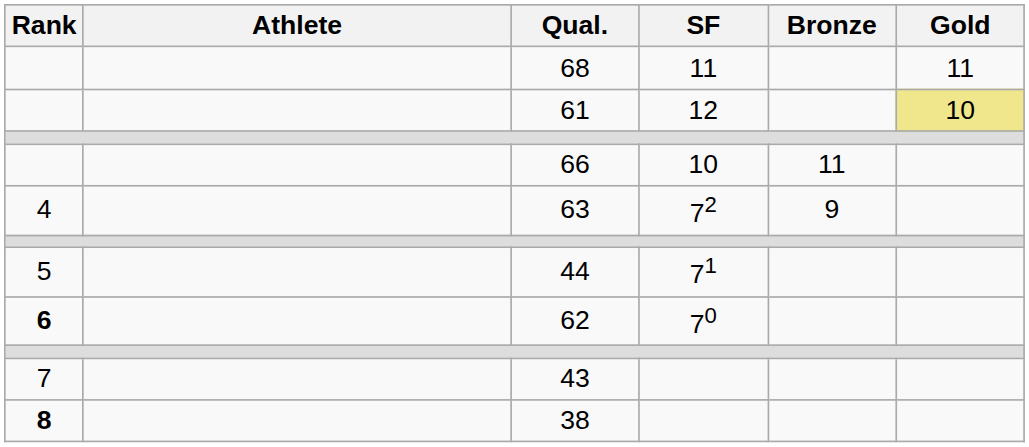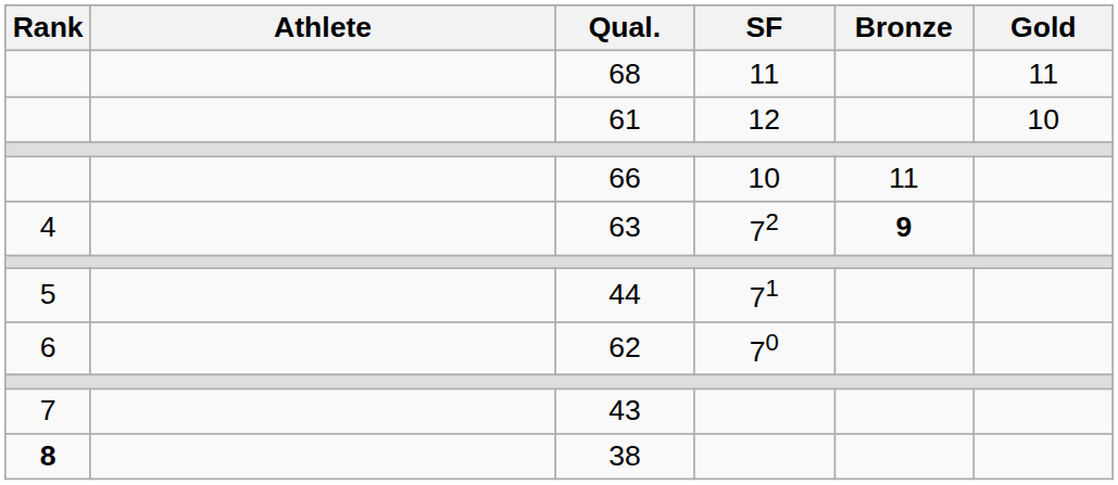 <table class="wikitable" style="text-align:center">
 <tr>
 <th width=40>Rank</th>
 <th width=250>Athlete</th>
 <th width=70>Qual.</th>
 <th width=70>SF</th>
 <th width=70>Bronze</th>
 <th width=70>Gold</th>
 </tr>
 <tr>
 <td></td>
 <td align=left></td>
 <td>68</td>
 <td>11</td>
 <td></td>
 <td>11</td>
 </tr>
 <tr>
 <td></td>
 <td align=left></td>
 <td>61</td>
 <td>12</td>
 <td></td>
-<td style="background: khaki;">10</td>
+<td>10</td>
 </tr>
 <tr bgcolor=#DDDDDD>
 <td colspan=6></td>
 </tr>
 <tr>
 <td></td>
 <td align=left></td>
 <td>66</td>
 <td>10</td>
 <td>11</td>
 <td></td>
 </tr>
 <tr>
 <td>4</td>
 <td align=left></td>
 <td>63</td>
 <td>7<sup>2</sup></td>
-<td>9</td>
+<td><strong>9</strong></td>
 <td></td>
 </tr>
 <tr bgcolor=#DDDDDD>
 <td colspan=6></td>
 </tr>
 <tr>
 <td>5</td>
 <td align=left></td>
 <td>44</td>
 <td>7<sup>1</sup></td>
 <td></td>
 <td></td>
 </tr>
 <tr>
-<td><strong>6</strong></td>
+<td>6</td>
 <td align=left></td>
 <td>62</td>
 <td>7<sup>0</sup></td>
 <td></td>
 <td></td>
 </tr>
 <tr bgcolor=#DDDDDD>
 <td colspan=6></td>
 </tr>
 <tr>
 <td>7</td>
 <td align=left></td>
 <td>43</td>
 <td></td>
 <td></td>
 <td></td>
 </tr>
 <tr>
 <td><strong>8</strong></td>
 <td align=left></td>
 <td>38</td>
 <td></td>
 <td></td>
 <td></td>
 </tr>
 </table>
